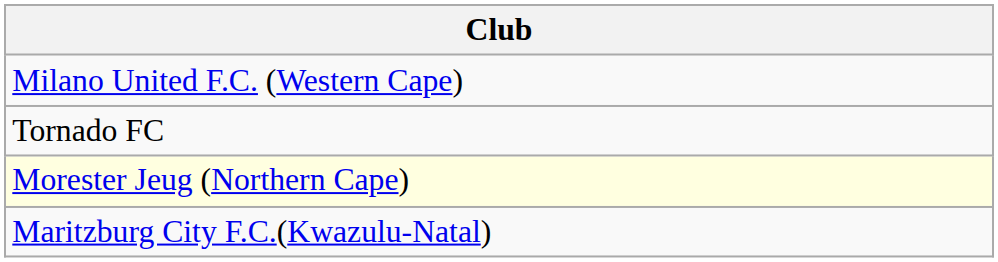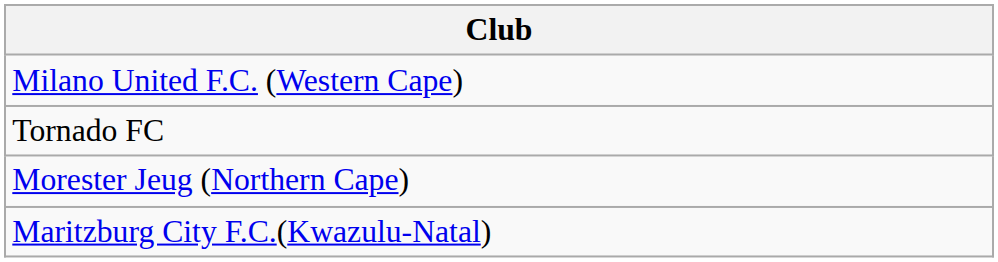 <table class="wikitable" width="500px">
 <tr>
 <th width="350px">Club</th>
 </tr>
 <tr>
 <td><a href='#'>Milano United F.C.</a> (<a href='#'>Western Cape</a>)</td>
 </tr>
 <tr>
 <td>Tornado FC</td>
 </tr>
 <tr>
-<td style="background: lightyellow;"><a href='#'>Morester Jeug</a> (<a href='#'>Northern Cape</a>)</td>
+<td><a href='#'>Morester Jeug</a> (<a href='#'>Northern Cape</a>)</td>
 </tr>
 <tr>
 <td><a href='#'>Maritzburg City F.C.</a>(<a href='#'>Kwazulu-Natal</a>)</td>
 </tr>
 </table>
